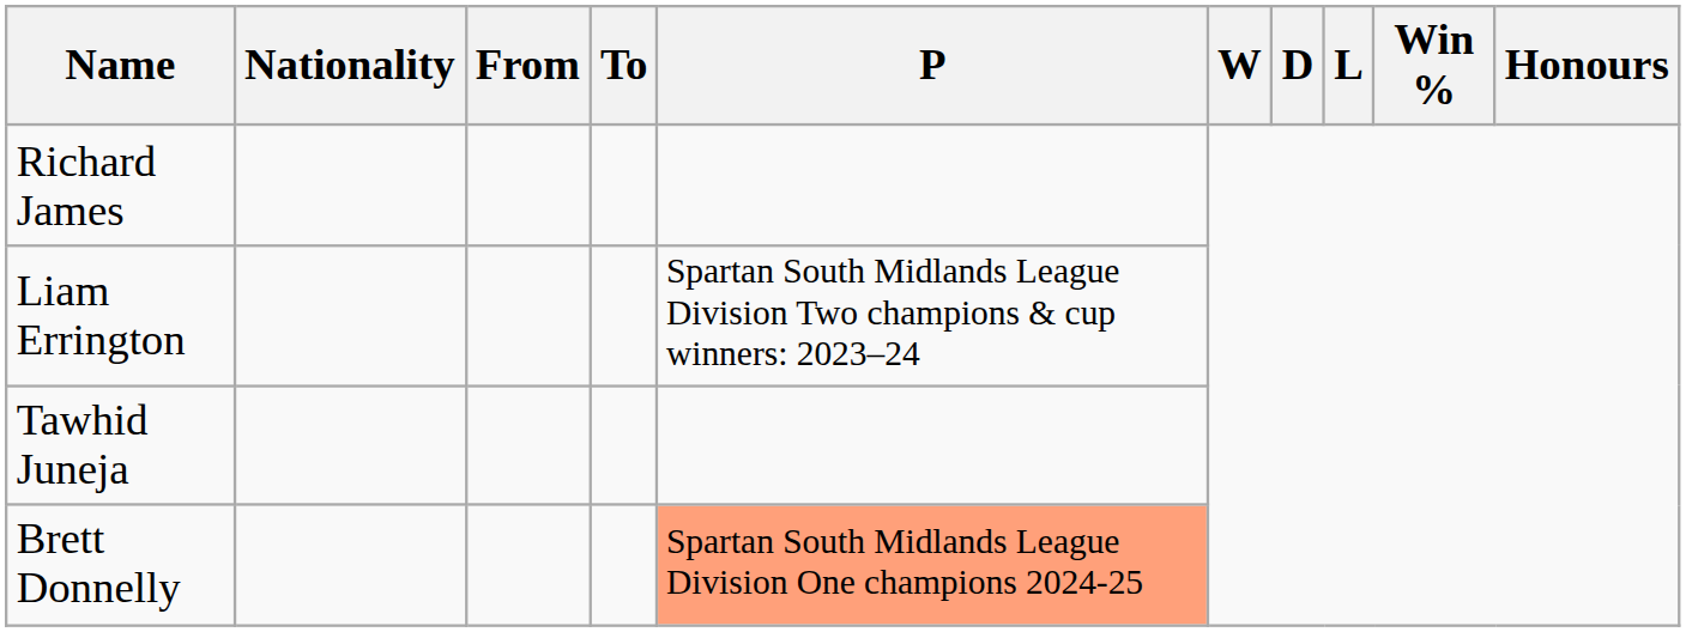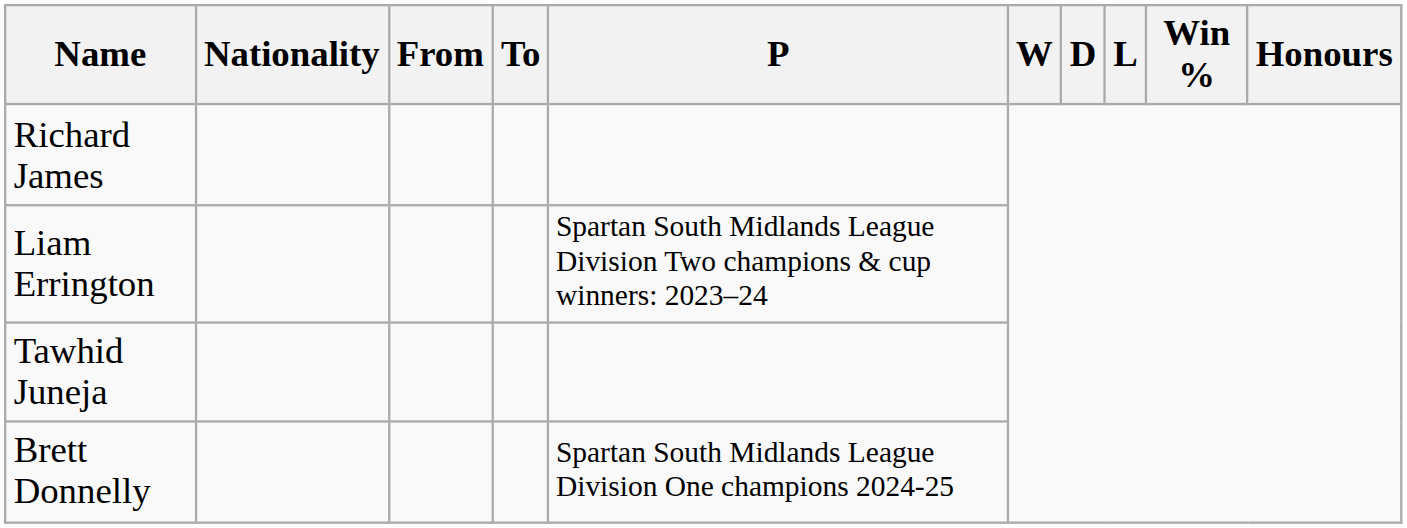 <table class="wikitable sortable plainrowheaders" style="text-align: center">
 <tr>
 <th scope=col>Name</th>
 <th scope=col>Nationality</th>
 <th scope=col>From</th>
 <th scope=col>To</th>
 <th scope=col>P</th>
 <th scope=col>W</th>
 <th scope=col>D</th>
 <th scope=col>L</th>
 <th scope=col>Win %</th>
 <th scope=col>Honours</th>
 </tr>
 <tr>
 <td align=left>Richard James</td>
 <td align=left></td>
 <td align=left></td>
 <td align=left><br></td>
 <td></td>
 </tr>
 <tr>
 <td align=left>Liam Errington</td>
 <td align=left></td>
 <td align=left></td>
 <td align=left><br></td>
 <td align=left style="font-size: 80%">Spartan South Midlands League Division Two champions & cup winners: 2023–24</td>
 </tr>
 <tr>
 <td align=left>Tawhid Juneja</td>
 <td align=left></td>
 <td align=left></td>
 <td align=left><br></td>
 <td></td>
 </tr>
 <tr>
 <td align=left>Brett Donnelly <em></td>
 <td align=left></td>
 <td align=left></td>
 <td align=left><br></td>
-<td align=left style="background: lightsalmon; font-size: 80%">Spartan South Midlands League Division One champions 2024-25</td>
+<td align=left style="font-size: 80%">Spartan South Midlands League Division One champions 2024-25</td>
 </tr>
 </table>
